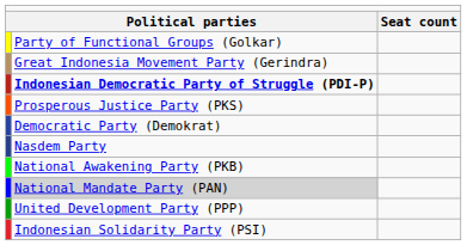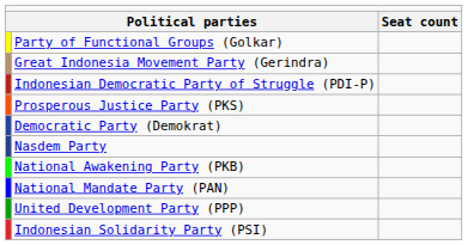 <table class="wikitable">
 <tr>
 <td colspan="4"></td>
 </tr>
 <tr>
 <th colspan="2">Political parties</th>
 <th>Seat count</th>
 </tr>
 <tr>
 <td bgcolor=#FFFF00></td>
 <td><a href='#'>Party of Functional Groups</a> (Golkar)</td>
 <td></td>
 </tr>
 <tr>
 <td bgcolor=#B79164></td>
 <td><a href='#'>Great Indonesia Movement Party</a> (Gerindra)</td>
 <td></td>
 </tr>
 <tr>
 <td bgcolor=#BD2016></td>
-<td><strong><a href='#'>Indonesian Democratic Party of Struggle</a> (PDI-P)</strong></td>
+<td><a href='#'>Indonesian Democratic Party of Struggle</a> (PDI-P)</td>
 <td></td>
 </tr>
 <tr>
 <td bgcolor=#FF4F00></td>
 <td><a href='#'>Prosperous Justice Party</a> (PKS)</td>
 <td></td>
 </tr>
 <tr>
 <td bgcolor=#2643A3></td>
 <td><a href='#'>Democratic Party</a> (Demokrat)</td>
 <td></td>
 </tr>
 <tr>
 <td bgcolor=#27408B></td>
 <td><a href='#'>Nasdem Party</a></td>
 <td></td>
 </tr>
 <tr>
 <td bgcolor=#00FF00></td>
 <td><a href='#'>National Awakening Party</a> (PKB)</td>
 <td></td>
 </tr>
 <tr>
 <td bgcolor=#0000FF></td>
-<td style="background: lightgrey;"><a href='#'>National Mandate Party</a> (PAN)</td>
+<td><a href='#'>National Mandate Party</a> (PAN)</td>
 <td></td>
 </tr>
 <tr>
 <td bgcolor=#00A100></td>
 <td><a href='#'>United Development Party</a> (PPP)</td>
 <td></td>
 </tr>
 <tr>
 <td bgcolor=#E6212A></td>
 <td><a href='#'>Indonesian Solidarity Party</a> (PSI)</td>
 <td></td>
 </tr>
 </table>
